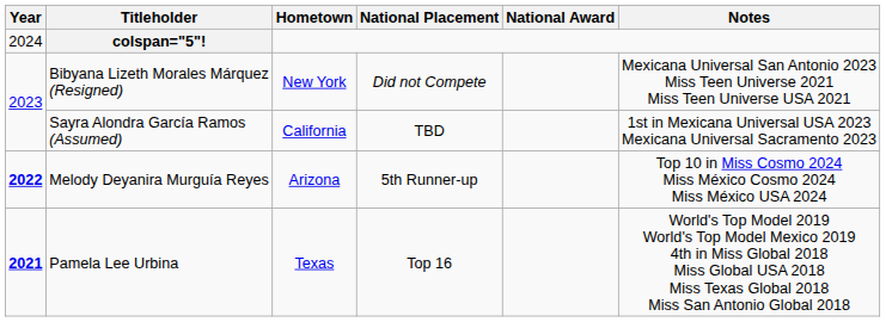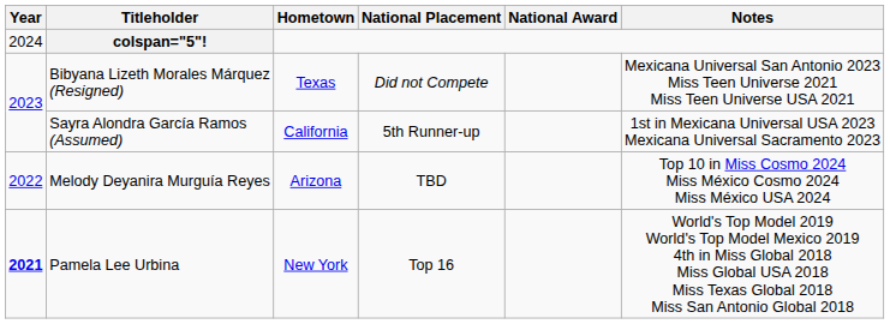 <table class="wikitable sortable" style="font-size:95%;">
 <tr>
 <th>Year</th>
 <th>Titleholder</th>
 <th>Hometown</th>
 <th>National Placement</th>
 <th>National Award</th>
 <th>Notes</th>
 </tr>
 <tr>
 <td align="center">2024</td>
 <th>colspan="5"!</th>
 </tr>
 <tr>
 <td rowspan=2 align="center"><a href='#'>2023</a></td>
 <td>Bibyana Lizeth Morales Márquez<br><em>(Resigned)</em></td>
-<td align="center"><a href='#'>New York</a></td>
+<td align="center"><a href='#'>Texas</a></td>
 <td align="center"><em>Did not Compete</em></td>
 <td align="center"></td>
 <td align="center">Mexicana Universal San Antonio 2023<br>Miss Teen Universe 2021<br>Miss Teen Universe USA 2021</td>
 </tr>
 <tr>
 <td>Sayra Alondra García Ramos<br><em>(Assumed)</em></td>
 <td align="center"><a href='#'>California</a></td>
-<td align="center">TBD</td>
+<td align="center">5th Runner-up</td>
 <td align="center"></td>
 <td align="center">1st in Mexicana Universal USA 2023<br>Mexicana Universal Sacramento 2023</td>
 </tr>
 <tr>
-<td align="center"><strong><a href='#'>2022</a></strong></td>
+<td align="center"><a href='#'>2022</a></td>
 <td>Melody Deyanira Murguía Reyes</td>
 <td align="center"><a href='#'>Arizona</a></td>
-<td align="center">5th Runner-up</td>
+<td align="center">TBD</td>
 <td align="center"></td>
 <td align="center">Top 10 in <a href='#'>Miss Cosmo 2024</a><br>Miss México Cosmo 2024<br>Miss México USA 2024</td>
 </tr>
 <tr>
 <td align="center"><strong><a href='#'>2021</a></strong></td>
 <td>Pamela Lee Urbina</td>
-<td align="center"><a href='#'>Texas</a></td>
+<td align="center"><a href='#'>New York</a></td>
 <td align="center">Top 16</td>
 <td align="center"></td>
 <td align="center">World's Top Model 2019<br>World's Top Model Mexico 2019<br>4th in Miss Global 2018<br>Miss Global USA 2018<br>Miss Texas Global 2018<br>Miss San Antonio Global 2018</td>
 </tr>
 </table>
